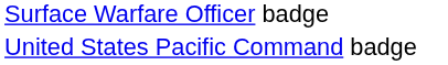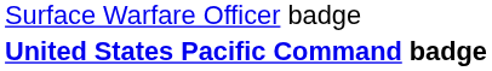 <table>
 <tr>
 <td> <a href='#'>Surface Warfare Officer</a> badge</td>
 </tr>
 <tr>
-<td> <a href='#'>United States Pacific Command</a> badge</td>
+<td><strong> <a href='#'>United States Pacific Command</a> badge</strong></td>
 </tr>
 </table>
